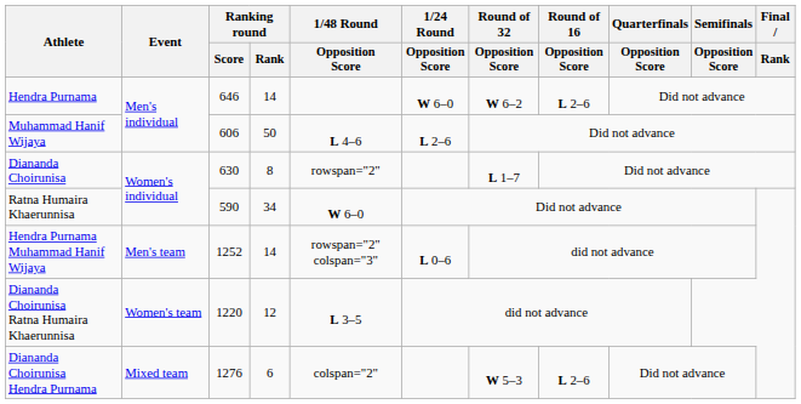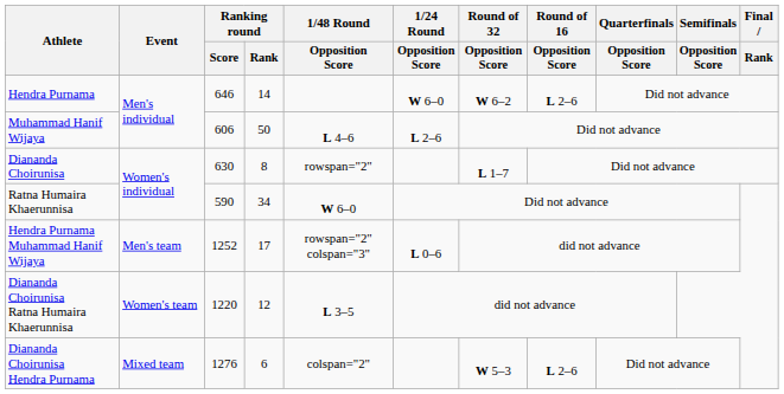 <table class="wikitable" style="font-size:90%; text-align:center;">
 <tr>
 <th rowspan="2">Athlete</th>
 <th rowspan="2">Event</th>
 <th colspan="2">Ranking round</th>
 <th>1/48 Round</th>
 <th>1/24 Round</th>
 <th>Round of 32</th>
 <th>Round of 16</th>
 <th>Quarterfinals</th>
 <th>Semifinals</th>
 <th colspan=2>Final / </th>
 </tr>
 <tr style=font-size:95%>
 <th>Score</th>
 <th>Rank</th>
 <th>Opposition<br>Score</th>
 <th>Opposition<br>Score</th>
 <th>Opposition<br>Score</th>
 <th>Opposition<br>Score</th>
 <th>Opposition<br>Score</th>
 <th>Opposition<br>Score</th>
 <th>Rank</th>
 </tr>
 <tr>
 <td align="left"><a href='#'>Hendra Purnama</a></td>
 <td align="left" rowspan="2"><a href='#'>Men's individual</a></td>
 <td>646</td>
 <td>14</td>
 <td></td>
 <td><br><strong>W</strong> 6–0</td>
 <td><br><strong>W</strong> 6–2</td>
 <td><br><strong>L</strong> 2–6</td>
 <td colspan="3">Did not advance</td>
 </tr>
 <tr>
 <td align="left"><a href='#'>Muhammad Hanif Wijaya</a></td>
 <td>606</td>
 <td>50</td>
 <td><br><strong>L</strong> 4–6</td>
 <td><br><strong>L</strong> 2–6</td>
 <td colspan="5">Did not advance</td>
 </tr>
 <tr>
 <td align="left"><a href='#'>Diananda Choirunisa</a></td>
 <td align="left" rowspan="2"><a href='#'>Women's individual</a></td>
 <td>630</td>
 <td>8</td>
 <td>rowspan="2" </td>
 <td></td>
 <td><br><strong>L</strong> 1–7</td>
 <td colspan="4">Did not advance</td>
 </tr>
 <tr>
 <td align="left">Ratna Humaira Khaerunnisa</td>
 <td>590</td>
 <td>34</td>
 <td><br><strong>W</strong> 6–0</td>
 <td colspan="5">Did not advance</td>
 </tr>
 <tr>
 <td align="left"><a href='#'>Hendra Purnama</a><br><a href='#'>Muhammad Hanif Wijaya</a></td>
 <td align="left"><a href='#'>Men's team</a></td>
 <td>1252</td>
-<td>14</td>
+<td>17</td>
 <td>rowspan="2" colspan="3" </td>
 <td><br><strong>L</strong> 0–6</td>
 <td colspan="4">did not advance</td>
 </tr>
 <tr>
 <td align="left"><a href='#'>Diananda Choirunisa</a><br>Ratna Humaira Khaerunnisa</td>
 <td align="left"><a href='#'>Women's team</a></td>
 <td>1220</td>
 <td>12</td>
 <td><br><strong>L</strong> 3–5</td>
 <td colspan="4">did not advance</td>
 </tr>
 <tr>
 <td align="left"><a href='#'>Diananda Choirunisa</a><br><a href='#'>Hendra Purnama</a></td>
 <td align="left"><a href='#'>Mixed team</a></td>
 <td>1276</td>
 <td>6</td>
 <td>colspan="2" </td>
 <td></td>
 <td><br><strong>W</strong> 5–3</td>
 <td><br><strong>L</strong> 2–6</td>
 <td colspan="2">Did not advance</td>
 </tr>
 </table>
